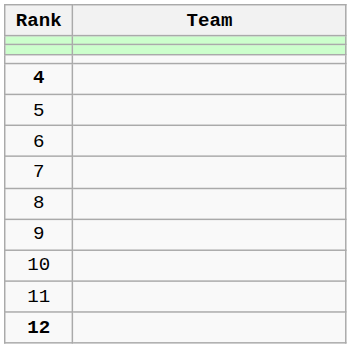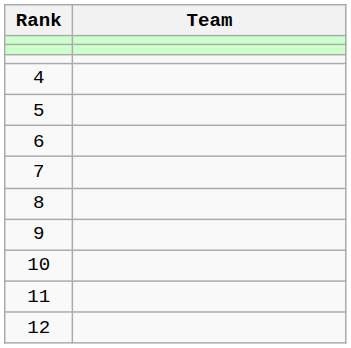 <table class="wikitable" style="text-align: center;">
 <tr>
 <th width=40>Rank</th>
 <th width=180>Team</th>
 </tr>
 <tr bgcolor=#CCFFCC>
 <td></td>
 <td style="text-align:left;"></td>
 </tr>
 <tr bgcolor=#CCFFCC>
 <td></td>
 <td style="text-align:left;"></td>
 </tr>
 <tr align=center>
 <td></td>
 <td style="text-align:left;"></td>
 </tr>
 <tr align=center>
-<td><strong>4</strong></td>
+<td>4</td>
 <td style="text-align:left;"></td>
 </tr>
 <tr align=center>
 <td>5</td>
 <td style="text-align:left;"></td>
 </tr>
 <tr align=center>
 <td>6</td>
 <td style="text-align:left;"></td>
 </tr>
 <tr align=center>
 <td>7</td>
 <td style="text-align:left;"></td>
 </tr>
 <tr align=center>
 <td>8</td>
 <td style="text-align:left;"></td>
 </tr>
 <tr align=center>
 <td>9</td>
 <td style="text-align:left;"></td>
 </tr>
 <tr align=center>
 <td>10</td>
 <td style="text-align:left;"></td>
 </tr>
 <tr align=center>
 <td>11</td>
 <td style="text-align:left;"></td>
 </tr>
 <tr align=center>
-<td><strong>12</strong></td>
+<td>12</td>
 <td style="text-align:left;"></td>
 </tr>
 </table>
